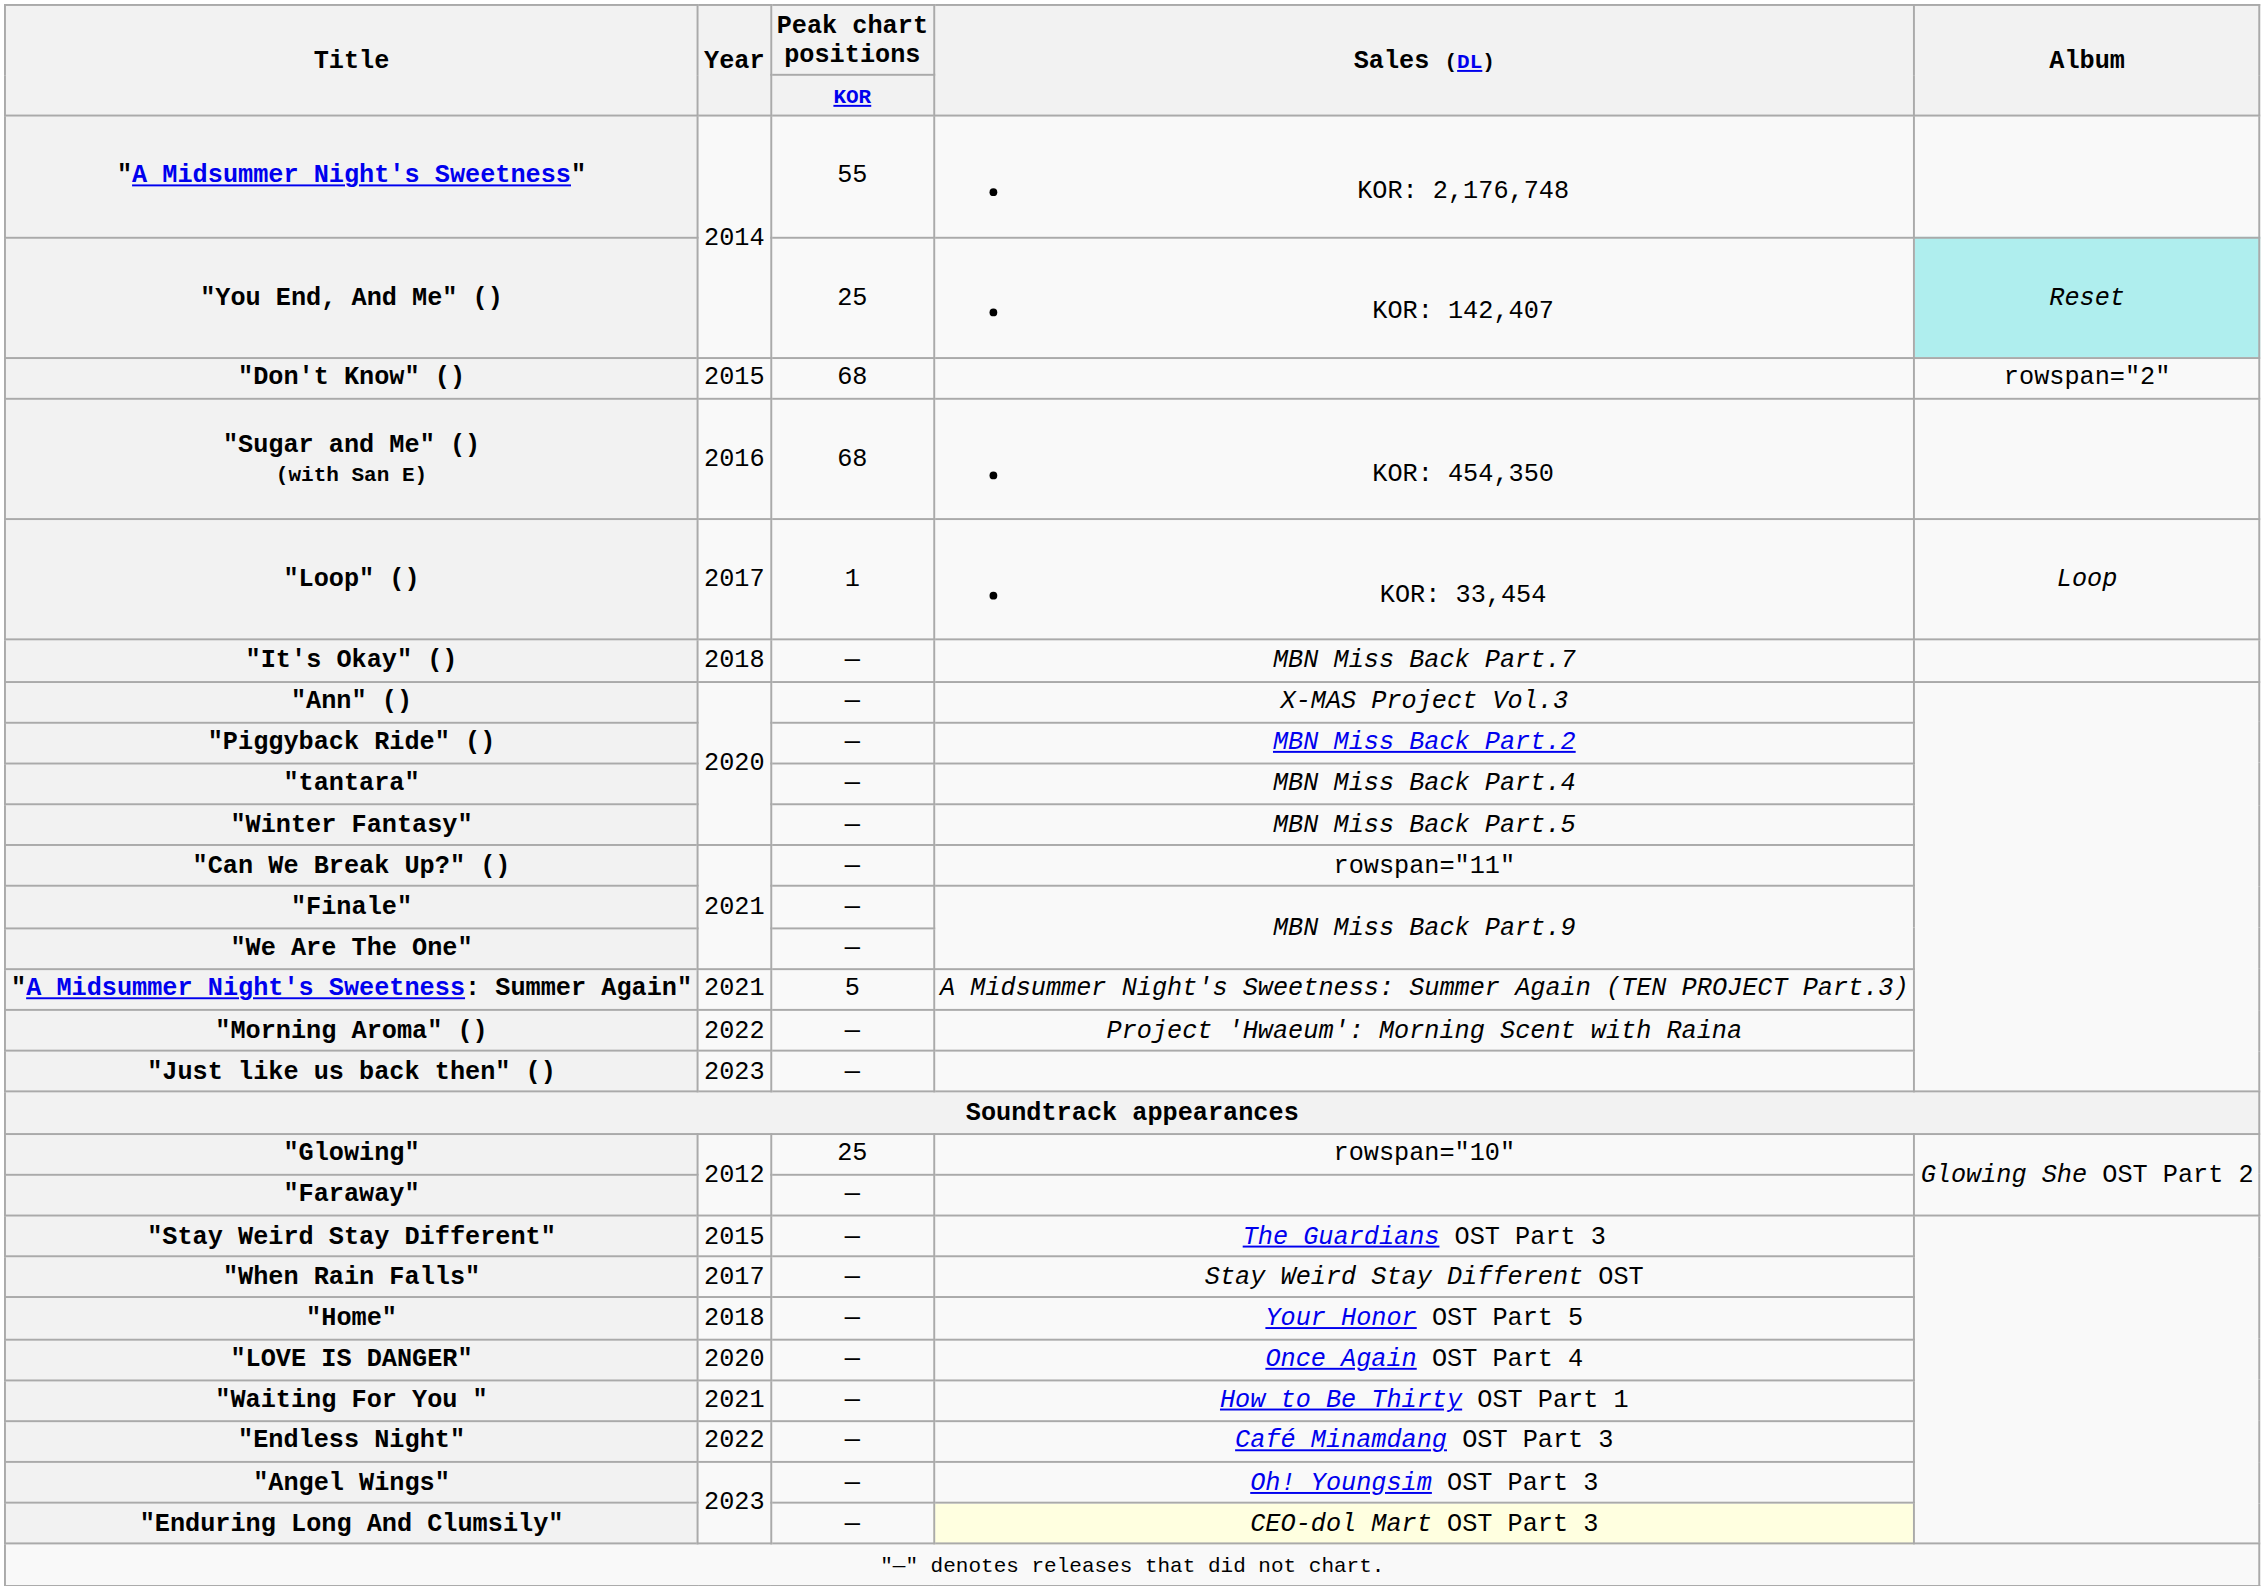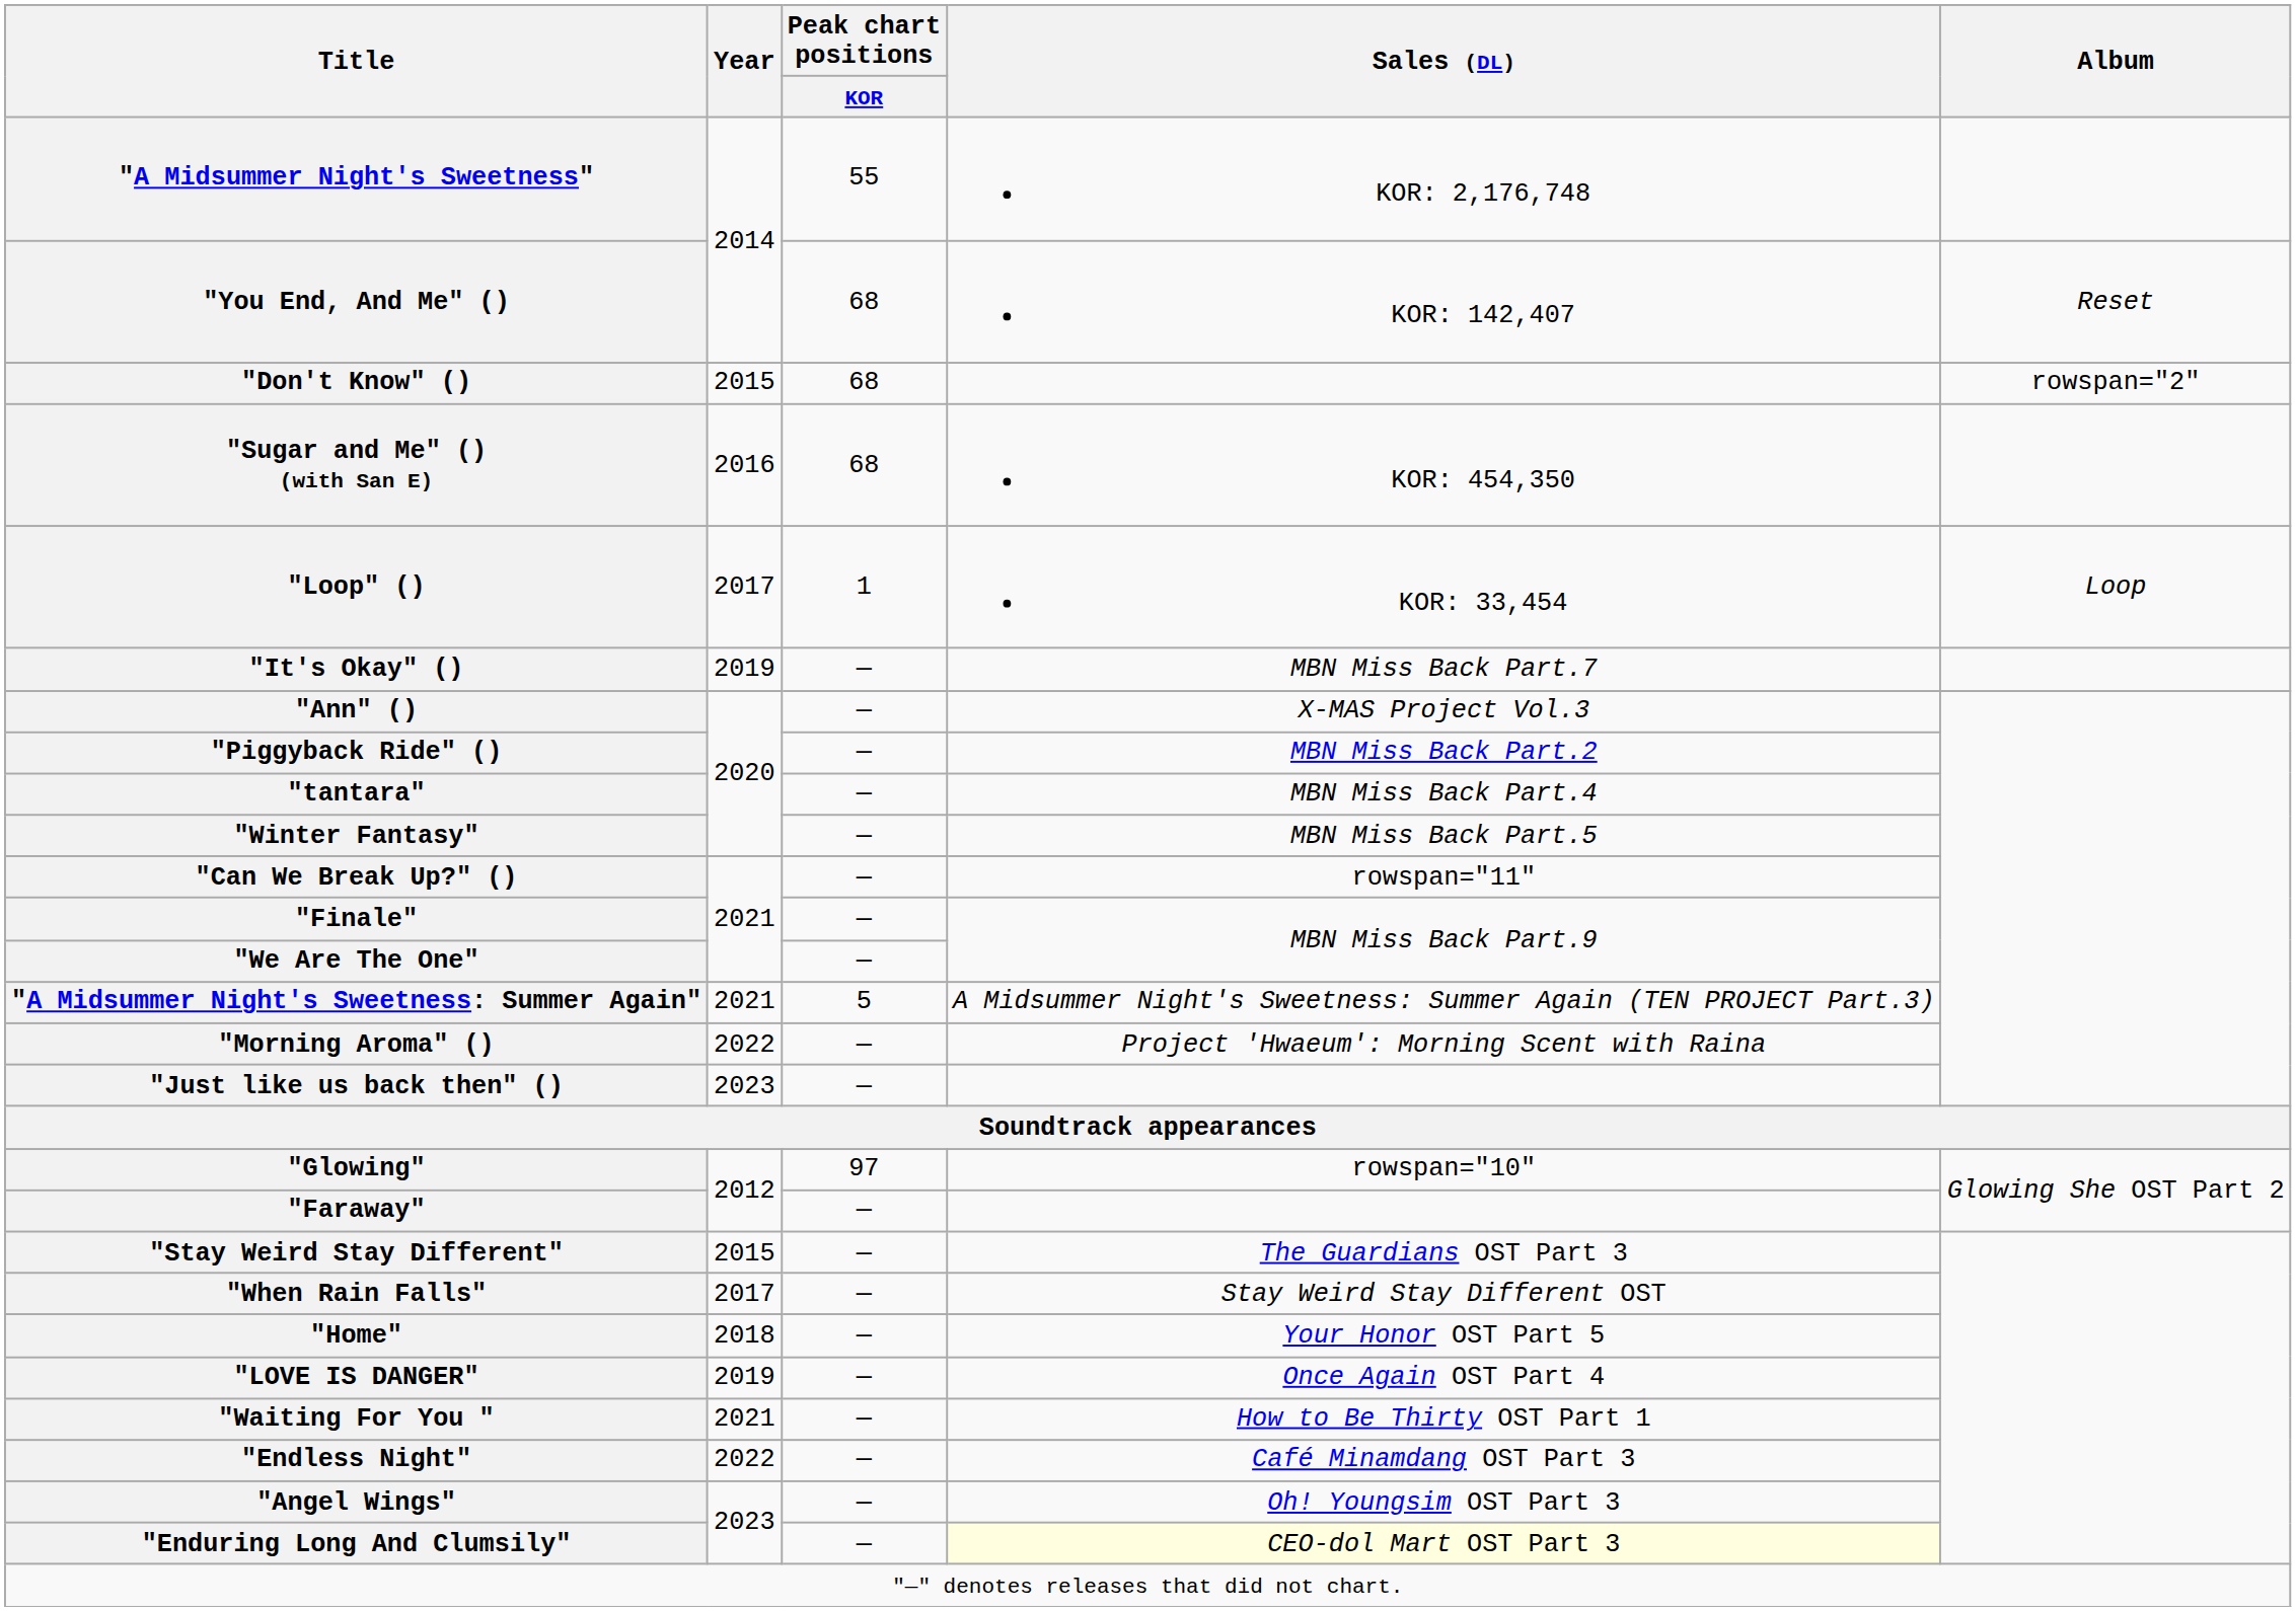 <table class="wikitable plainrowheaders" style="text-align:center;">
 <tr>
 <th scope="col" rowspan="2">Title</th>
 <th scope="col" rowspan="2">Year</th>
 <th scope="col" colspan="1">Peak chart <br> positions</th>
 <th scope="col" rowspan="2">Sales <small>(<a href='#'>DL</a>)</small></th>
 <th scope="col" rowspan="2">Album</th>
 </tr>
 <tr>
 <th><small><a href='#'>KOR</a></small><br></th>
 </tr>
 <tr>
 <th scope="row">"<a href='#'>A Midsummer Night's Sweetness</a>"<br></th>
 <td rowspan="2">2014</td>
 <td>55</td>
 <td><br><ul><li>KOR: 2,176,748</li></ul></td>
 <td></td>
 </tr>
 <tr>
 <th scope="row">"You End, And Me" ()<br></th>
-<td>25</td>
+<td>68</td>
 <td><br><ul><li>KOR: 142,407</li></ul></td>
-<td style="background: paleturquoise;"><em>Reset</em></td>
+<td><em>Reset</em></td>
 </tr>
 <tr>
 <th scope="row">"Don't Know" ()</th>
 <td>2015</td>
 <td>68</td>
 <td></td>
 <td>rowspan="2" </td>
 </tr>
 <tr>
 <th scope="row">"Sugar and Me" ()<br><small>(with San E)</small></th>
 <td>2016</td>
 <td>68</td>
 <td><br><ul><li>KOR: 454,350</li></ul></td>
 </tr>
 <tr>
 <th scope="row">"Loop" ()<br></th>
 <td>2017</td>
 <td>1</td>
 <td><br><ul><li>KOR: 33,454</li></ul></td>
 <td><em>Loop</em></td>
 </tr>
 <tr>
 <th scope="row">"It's Okay" ()</th>
-<td>2018</td>
+<td>2019</td>
 <td>—</td>
 <td><em>MBN Miss Back Part.7</em></td>
 <td></td>
 </tr>
 <tr>
 <th scope="row">"Ann" ()</th>
 <td rowspan="4">2020</td>
 <td>—</td>
 <td><em>X-MAS Project Vol.3</em></td>
 </tr>
 <tr>
 <th scope="row">"Piggyback Ride" () <br></th>
 <td>—</td>
 <td><em><a href='#'>MBN Miss Back Part.2</a></em></td>
 </tr>
 <tr>
 <th scope="row">"tantara"  <br></th>
 <td>—</td>
 <td><em>MBN Miss Back Part.4</em></td>
 </tr>
 <tr>
 <th scope="row">"Winter Fantasy" <br></th>
 <td>—</td>
 <td><em>MBN Miss Back Part.5</em></td>
 </tr>
 <tr>
 <th scope="row">"Can We Break Up?" () <br></th>
 <td rowspan="3">2021</td>
 <td>—</td>
 <td>rowspan="11"  </td>
 </tr>
 <tr>
 <th scope="row">"Finale" <br></th>
 <td>—</td>
 <td rowspan="2"><em>MBN Miss Back Part.9</em></td>
 </tr>
 <tr>
 <th scope="row">"We Are The One" <br></th>
 <td>—</td>
 </tr>
 <tr>
 <th scope="row">"<a href='#'>A Midsummer Night's Sweetness</a>: Summer Again"<br></th>
 <td>2021</td>
 <td>5</td>
 <td><em>A Midsummer Night's Sweetness: Summer Again (TEN PROJECT Part.3)</em></td>
 </tr>
 <tr>
 <th scope="row">"Morning Aroma" ()</th>
 <td>2022</td>
 <td>—</td>
 <td><em>Project 'Hwaeum': Morning Scent with Raina</em></td>
 </tr>
 <tr>
 <th scope="row">"Just like us back then" ()</th>
 <td>2023</td>
 <td>—</td>
 <td></td>
 </tr>
 <tr>
 <th scope="col" colspan="6">Soundtrack appearances</th>
 </tr>
 <tr>
 <th scope="row">"Glowing" <br></th>
 <td rowspan="2">2012</td>
-<td>25</td>
+<td>97</td>
 <td>rowspan="10" </td>
 <td rowspan="2"><em>Glowing She</em> OST Part 2</td>
 </tr>
 <tr>
 <th scope="row">"Faraway"</th>
 <td>—</td>
 </tr>
 <tr>
 <th scope="row">"Stay Weird Stay Different" <br></th>
 <td>2015</td>
 <td>—</td>
 <td><em><a href='#'>The Guardians</a></em> OST Part 3</td>
 </tr>
 <tr>
 <th scope="row">"When Rain Falls" </th>
 <td>2017</td>
 <td>—</td>
 <td><em>Stay Weird Stay Different</em> OST</td>
 </tr>
 <tr>
 <th scope="row">"Home"</th>
 <td>2018</td>
 <td>—</td>
 <td><em><a href='#'>Your Honor</a></em> OST Part 5</td>
 </tr>
 <tr>
 <th scope="row">"LOVE IS DANGER" <br></th>
-<td>2020</td>
+<td>2019</td>
 <td>—</td>
 <td><em><a href='#'>Once Again</a></em> OST Part 4</td>
 </tr>
 <tr>
 <th scope="row">"Waiting For You " </th>
 <td>2021</td>
 <td>—</td>
 <td><em><a href='#'>How to Be Thirty</a></em> OST Part 1</td>
 </tr>
 <tr>
 <th scope="row">"Endless Night" </th>
 <td>2022</td>
 <td>—</td>
 <td><em><a href='#'>Café Minamdang</a></em> OST Part 3</td>
 </tr>
 <tr>
 <th scope="row">"Angel Wings" </th>
 <td rowspan="2">2023</td>
 <td>—</td>
 <td><em><a href='#'>Oh! Youngsim</a></em> OST Part 3</td>
 </tr>
 <tr>
 <th scope="row">"Enduring Long And Clumsily" </th>
 <td>—</td>
 <td style="background: lightyellow;"><em>CEO-dol Mart</em> OST Part 3</td>
 </tr>
 <tr>
 <td colspan="6" align="center"><small>"—" denotes releases that did not chart.</small></td>
 </tr>
 <tr>
 </tr>
 </table>
